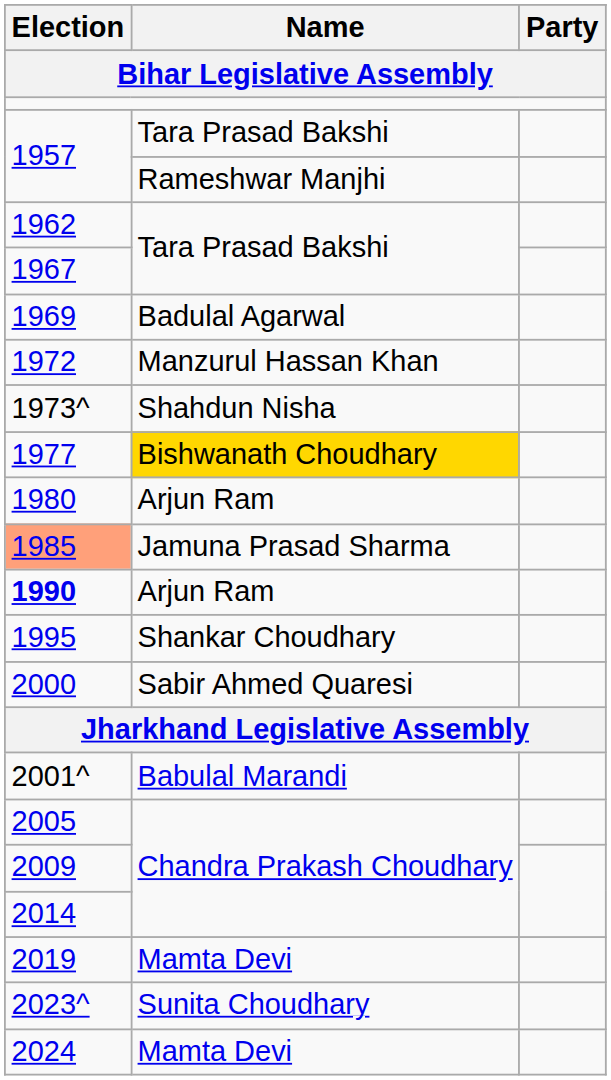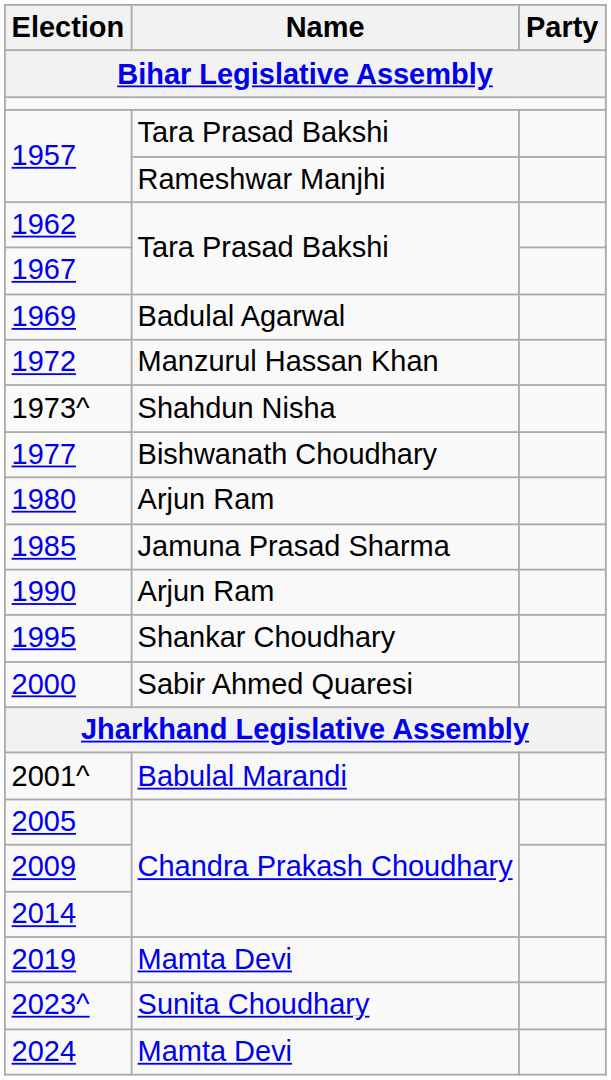 <table class="wikitable sortable">
 <tr>
 <th>Election</th>
 <th>Name</th>
 <th colspan=2>Party</th>
 </tr>
 <tr>
 <th colspan=4><a href='#'>Bihar Legislative Assembly</a></th>
 </tr>
 <tr>
 <td colspan="4"></td>
 </tr>
 <tr>
 <td rowspan=2><a href='#'>1957</a></td>
 <td>Tara Prasad Bakshi</td>
 <td></td>
 </tr>
 <tr>
 <td>Rameshwar Manjhi</td>
 </tr>
 <tr>
 <td><a href='#'>1962</a></td>
 <td rowspan=2>Tara Prasad Bakshi</td>
 <td></td>
 </tr>
 <tr>
 <td><a href='#'>1967</a></td>
 <td></td>
 </tr>
 <tr>
 <td><a href='#'>1969</a></td>
 <td>Badulal Agarwal</td>
 <td></td>
 </tr>
 <tr>
 <td><a href='#'>1972</a></td>
 <td>Manzurul Hassan Khan</td>
 <td></td>
 </tr>
 <tr>
 <td>1973^</td>
 <td>Shahdun Nisha</td>
 </tr>
 <tr>
 <td><a href='#'>1977</a></td>
-<td style="background: gold;">Bishwanath Choudhary</td>
+<td>Bishwanath Choudhary</td>
 <td></td>
 </tr>
 <tr>
 <td><a href='#'>1980</a></td>
 <td>Arjun Ram</td>
 <td></td>
 </tr>
 <tr>
-<td style="background: lightsalmon;"><a href='#'>1985</a></td>
+<td><a href='#'>1985</a></td>
 <td>Jamuna Prasad Sharma</td>
 <td></td>
 </tr>
 <tr>
-<td><strong><a href='#'>1990</a></strong></td>
+<td><a href='#'>1990</a></td>
 <td>Arjun Ram</td>
 <td></td>
 </tr>
 <tr>
 <td><a href='#'>1995</a></td>
 <td>Shankar Choudhary</td>
 <td></td>
 </tr>
 <tr>
 <td><a href='#'>2000</a></td>
 <td>Sabir Ahmed Quaresi</td>
 <td></td>
 </tr>
 <tr>
 <th colspan=4><a href='#'>Jharkhand Legislative Assembly</a></th>
 </tr>
 <tr>
 <td>2001^</td>
 <td><a href='#'>Babulal Marandi</a></td>
 <td></td>
 </tr>
 <tr>
 <td><a href='#'>2005</a></td>
 <td rowspan=3><a href='#'>Chandra Prakash Choudhary</a></td>
 <td></td>
 </tr>
 <tr>
 <td><a href='#'>2009</a></td>
 </tr>
 <tr>
 <td><a href='#'>2014</a></td>
 </tr>
 <tr>
 <td><a href='#'>2019</a></td>
 <td><a href='#'>Mamta Devi</a></td>
 <td></td>
 </tr>
 <tr>
 <td><a href='#'>2023^</a></td>
 <td><a href='#'>Sunita Choudhary</a></td>
 <td></td>
 </tr>
 <tr>
 <td><a href='#'>2024</a></td>
 <td><a href='#'>Mamta Devi</a></td>
 <td></td>
 </tr>
 </table>
